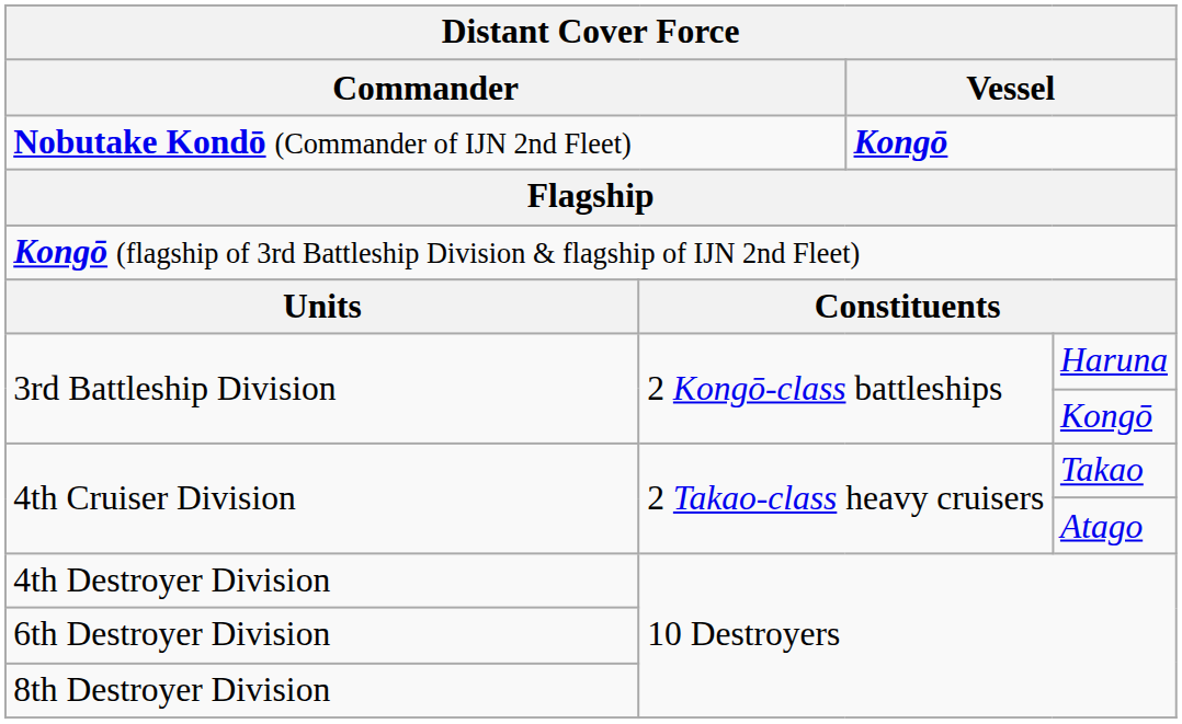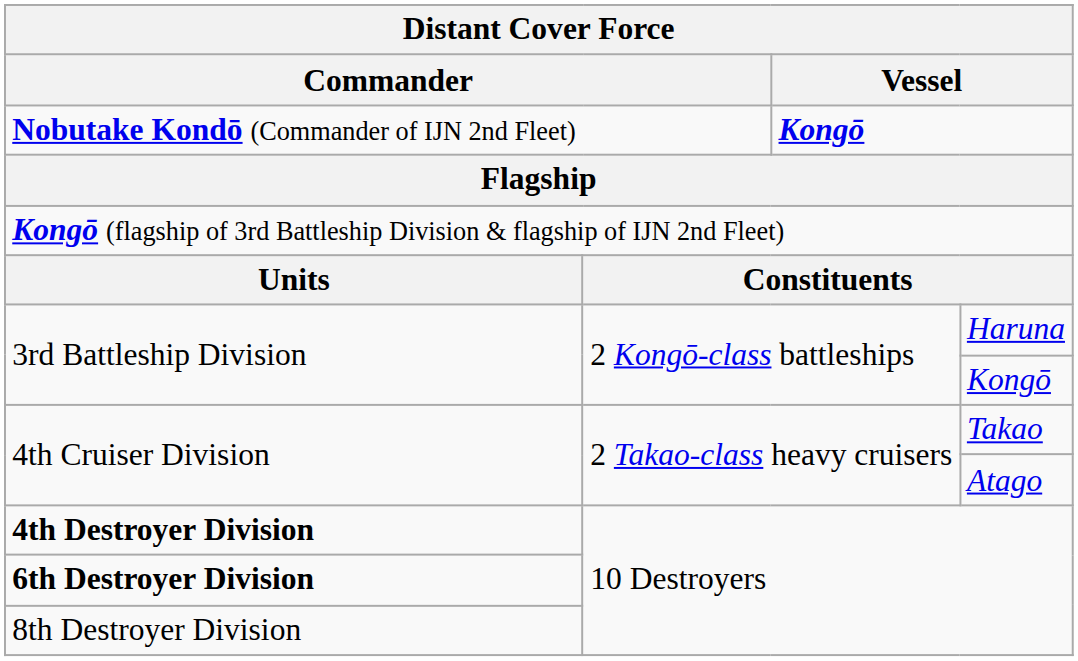 <table class="wikitable">
 <tr>
 <th colspan="4">Distant Cover Force</th>
 </tr>
 <tr>
 <th colspan="2">Commander</th>
 <th colspan="2">Vessel</th>
 </tr>
 <tr>
 <td colspan="2"><strong><a href='#'>Nobutake Kondō</a></strong> <small>(Commander of IJN 2nd Fleet)</small></td>
 <td colspan="2"><em><a href='#'><strong>Kongō</strong></a></em></td>
 </tr>
 <tr>
 <th colspan="4">Flagship</th>
 </tr>
 <tr>
 <td colspan="4"><em><a href='#'><strong>Kongō</strong></a></em> <small>(flagship of 3rd Battleship Division & flagship of IJN 2nd Fleet)</small></td>
 </tr>
 <tr>
 <th>Units</th>
 <th colspan="3">Constituents</th>
 </tr>
 <tr>
 <td rowspan="2">3rd Battleship Division</td>
 <td colspan="2" rowspan="2">2 <em><a href='#'>Kongō-class</a></em> battleships</td>
 <td><a href='#'><em>Haruna</em></a></td>
 </tr>
 <tr>
 <td><em><a href='#'>Kongō</a></em></td>
 </tr>
 <tr>
 <td rowspan="2">4th Cruiser Division</td>
 <td colspan="2" rowspan="2">2 <em><a href='#'>Takao-class</a></em> heavy cruisers</td>
 <td><a href='#'><em>Takao</em></a></td>
 </tr>
 <tr>
 <td><a href='#'><em>Atago</em></a></td>
 </tr>
 <tr>
-<td>4th Destroyer Division</td>
+<td><strong>4th Destroyer Division</strong></td>
 <td colspan="3" rowspan="3">10 Destroyers</td>
 </tr>
 <tr>
-<td>6th Destroyer Division</td>
+<td><strong>6th Destroyer Division</strong></td>
 </tr>
 <tr>
 <td>8th Destroyer Division</td>
 </tr>
 </table>
